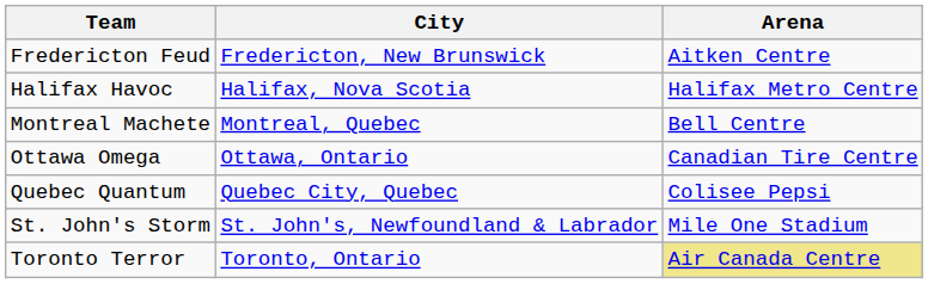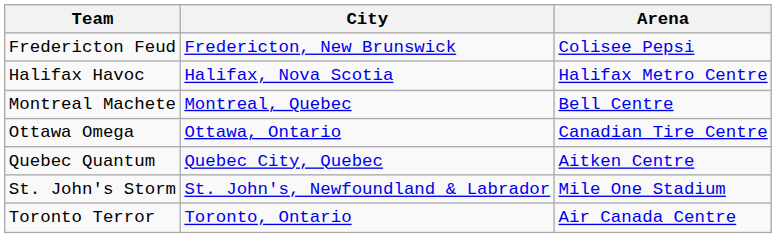 <table class="wikitable">
 <tr>
 <th>Team</th>
 <th>City</th>
 <th>Arena</th>
 </tr>
 <tr>
 <td>Fredericton Feud</td>
 <td><a href='#'>Fredericton, New Brunswick</a></td>
-<td><a href='#'>Aitken Centre</a></td>
+<td><a href='#'>Colisee Pepsi</a></td>
 </tr>
 <tr>
 <td>Halifax Havoc</td>
 <td><a href='#'>Halifax, Nova Scotia</a></td>
 <td><a href='#'>Halifax Metro Centre</a></td>
 </tr>
 <tr>
 <td>Montreal Machete</td>
 <td><a href='#'>Montreal, Quebec</a></td>
 <td><a href='#'>Bell Centre</a></td>
 </tr>
 <tr>
 <td>Ottawa Omega</td>
 <td><a href='#'>Ottawa, Ontario</a></td>
 <td><a href='#'>Canadian Tire Centre</a></td>
 </tr>
 <tr>
 <td>Quebec Quantum</td>
 <td><a href='#'>Quebec City, Quebec</a></td>
-<td><a href='#'>Colisee Pepsi</a></td>
+<td><a href='#'>Aitken Centre</a></td>
 </tr>
 <tr>
 <td>St. John's Storm</td>
 <td><a href='#'>St. John's, Newfoundland & Labrador</a></td>
 <td><a href='#'>Mile One Stadium</a></td>
 </tr>
 <tr>
 <td>Toronto Terror</td>
 <td><a href='#'>Toronto, Ontario</a></td>
-<td style="background: khaki;"><a href='#'>Air Canada Centre</a></td>
+<td><a href='#'>Air Canada Centre</a></td>
 </tr>
 </table>
